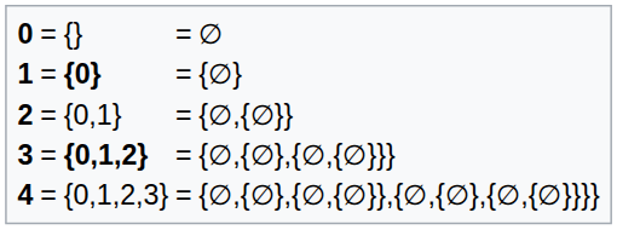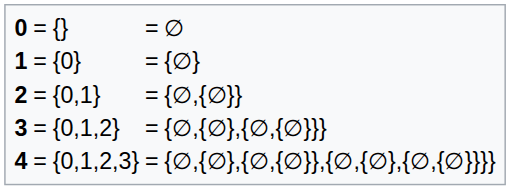 <table class="floatright" style="background-color: #f8f9fa; border: 1px solid #a2a9b1; margin: 0.5em 0 0.5em 1em; padding: 0.2em; color:black;" >
 <tr>
 <th scope="row">0</th>
 <td>=</td>
 <td>{}</td>
 <td>=</td>
 <td>∅</td>
 </tr>
 <tr>
 <th scope="row">1</th>
 <td>=</td>
-<td><strong>{0}</strong></td>
+<td>{0}</td>
 <td>=</td>
 <td>{∅}</td>
 </tr>
 <tr>
 <th scope="row">2</th>
 <td>=</td>
 <td>{0,1}</td>
 <td>=</td>
 <td>{∅,{∅}}</td>
 </tr>
 <tr>
 <th scope="row">3</th>
 <td>=</td>
-<td><strong>{0,1,2}</strong></td>
+<td>{0,1,2}</td>
 <td>=</td>
 <td>{∅,{∅},{∅,{∅}}}</td>
 </tr>
 <tr>
 <th scope="row">4</th>
 <td>=</td>
 <td>{0,1,2,3}</td>
 <td>=</td>
 <td>{∅,{∅},{∅,{∅}},{∅,{∅},{∅,{∅}}}}</td>
 </tr>
 </table>
